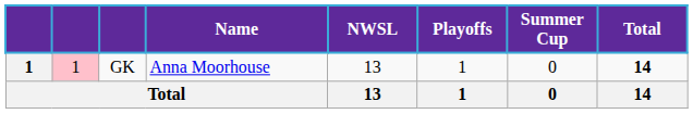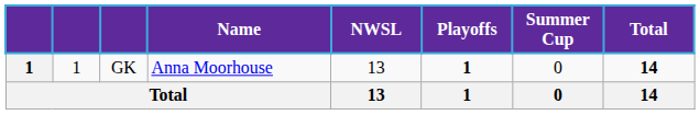 <table class="wikitable" style="text-align:center;">
 <tr>
 <th style="background:#5E299A; color:white; border:2px solid #3aadd9; width:35px;"></th>
 <th style="background:#5E299A; color:white; border:2px solid #3aadd9; width:35px;"></th>
 <th style="background:#5E299A; color:white; border:2px solid #3aadd9; width:35px;"></th>
 <th style="background:#5E299A; color:white; border:2px solid #3aadd9; width:160px;">Name</th>
 <th style="background:#5E299A; color:white; border:2px solid #3aadd9; width:75px;">NWSL</th>
 <th style="background:#5E299A; color:white; border:2px solid #3aadd9; width:75px;">Playoffs</th>
 <th style="background:#5E299A; color:white; border:2px solid #3aadd9; width:75px;">Summer Cup</th>
 <th style="background:#5E299A; color:white; border:2px solid #3aadd9; width:75px;">Total</th>
 </tr>
 <tr>
 <th>1</th>
-<td style="background: pink;">1</td>
+<td>1</td>
 <td>GK</td>
 <td align="left"> <a href='#'>Anna Moorhouse</a></td>
 <td>13</td>
-<td>1</td>
+<td><strong>1</strong></td>
 <td>0</td>
 <td><strong>14</strong></td>
 </tr>
 <tr>
 <th colspan="4">Total</th>
 <th>13</th>
 <th>1</th>
 <th>0</th>
 <th>14</th>
 </tr>
 </table>
